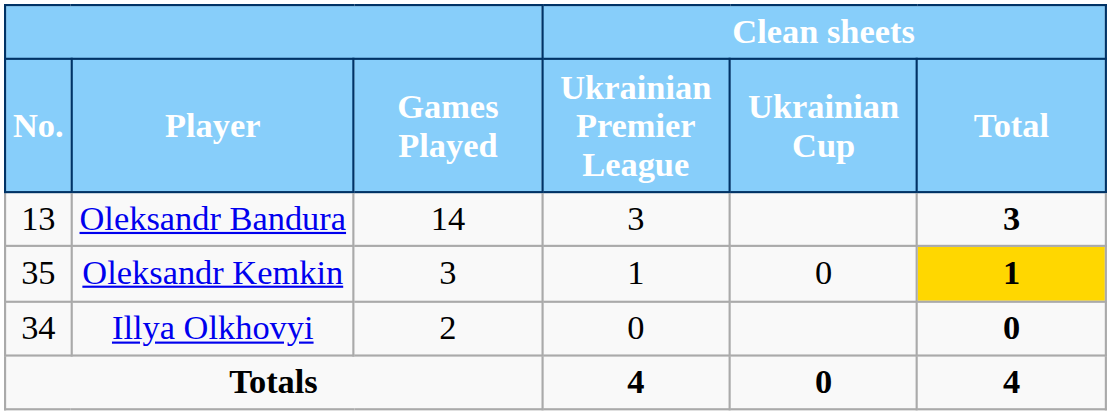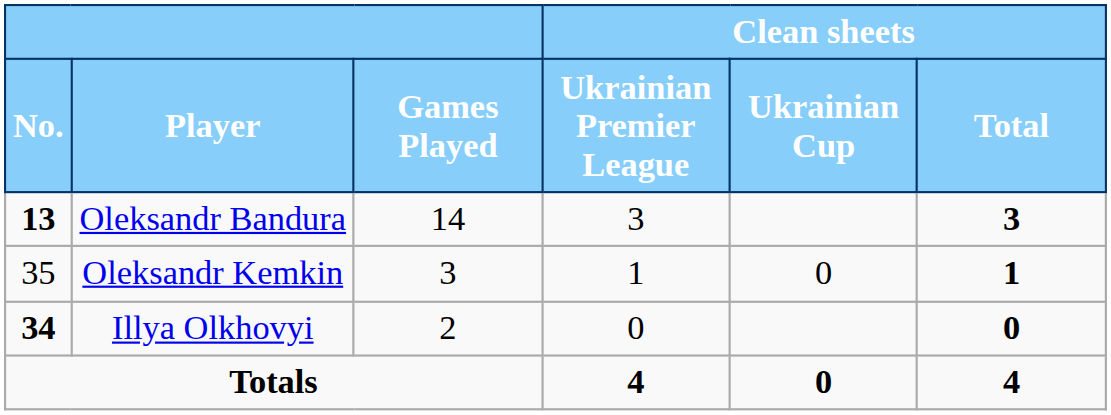 <table class="wikitable sortable alternance" style="text-align:center">
 <tr>
 <th colspan="3" style="background:#87CEFA;border:1px solid #003366"></th>
 <th colspan="4" style="background:#87CEFA;color:white;border:1px solid #003366">Clean sheets</th>
 </tr>
 <tr>
 <th style="background-color:#87CEFA;color:white;border:1px solid #003366">No.</th>
 <th style="background-color:#87CEFA;color:white;border:1px solid #003366">Player</th>
 <th width=80 style="background-color:#87CEFA;color:white;border:1px solid #003366">Games Played</th>
 <th width=80 style="background-color:#87CEFA;color:white;border:1px solid #003366">Ukrainian Premier League</th>
 <th width=80 style="background-color:#87CEFA;color:white;border:1px solid #003366">Ukrainian Cup</th>
 <th width=80 style="background-color:#87CEFA;color:white;border:1px solid #003366">Total</th>
 </tr>
 <tr>
-<td>13</td>
+<td><strong>13</strong></td>
 <td> <a href='#'>Oleksandr Bandura</a></td>
 <td>14</td>
 <td>3</td>
 <td></td>
 <td><strong>3</strong></td>
 </tr>
 <tr>
 <td>35</td>
 <td> <a href='#'>Oleksandr Kemkin</a></td>
 <td>3</td>
 <td>1</td>
 <td>0</td>
-<td style="background: gold;"><strong>1</strong></td>
+<td><strong>1</strong></td>
 </tr>
 <tr>
-<td>34</td>
+<td><strong>34</strong></td>
 <td> <a href='#'>Illya Olkhovyi</a></td>
 <td>2</td>
 <td>0</td>
 <td></td>
 <td><strong>0</strong></td>
 </tr>
 <tr class="sortbottom">
 <td colspan="3"><strong>Totals</strong></td>
 <td><strong>4</strong></td>
 <td><strong>0</strong></td>
 <td><strong>4</strong></td>
 </tr>
 </table>
